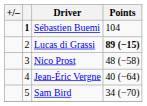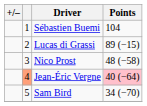 <table class="wikitable" style="font-size: 85%">
 <tr>
 <th scope="col">+/–</th>
 <th scope="col"></th>
 <th scope="col">Driver</th>
 <th scope="col">Points</th>
 </tr>
 <tr>
 <td align="left"></td>
-<td align="center"><strong>1</strong></td>
+<td align="center">1</td>
 <td> <a href='#'>Sébastien Buemi</a></td>
 <td align="left">104</td>
 </tr>
 <tr>
 <td align="left"></td>
 <td align="center">2</td>
 <td> <a href='#'>Lucas di Grassi</a></td>
-<td align="left"><strong>89 (−15)</strong></td>
+<td align="left">89 (−15)</td>
 </tr>
 <tr>
 <td align="left"></td>
 <td align="center">3</td>
 <td> <a href='#'>Nico Prost</a></td>
 <td align="left">48 (−58)</td>
 </tr>
 <tr>
 <td align="left"></td>
-<td align="center">4</td>
+<td align="center" style="background: lightsalmon;">4</td>
 <td> <a href='#'>Jean-Éric Vergne</a></td>
-<td align="left">40 (−64)</td>
+<td align="left" style="background: pink;">40 (−64)</td>
 </tr>
 <tr>
 <td align="left"></td>
 <td align="center">5</td>
 <td> <a href='#'>Sam Bird</a></td>
 <td align="left">34 (−70)</td>
 </tr>
 <tr>
 </tr>
 </table>
